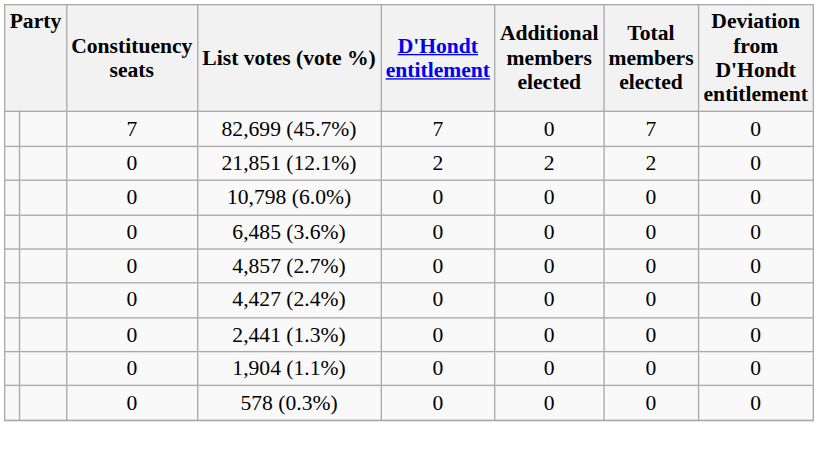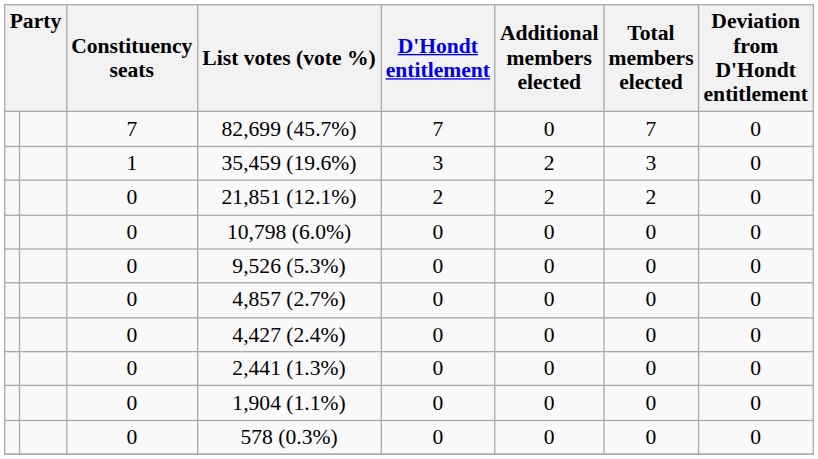 <table class="wikitable" style="text-align:center">
 <tr>
 <th colspan="2" rowspan="1" align="center" valign="top">Party</th>
 <th>Constituency<br>seats</th>
 <th>List votes  (vote %)</th>
 <th><a href='#'>D'Hondt<br>entitlement</a></th>
 <th>Additional<br>members<br>elected</th>
 <th>Total<br>members<br>elected</th>
 <th>Deviation<br>from<br>D'Hondt<br>entitlement</th>
 </tr>
 <tr>
 <td style="width: 4px" bgcolor=></td>
 <td style="text-align: left;" scope="row"><a href='#'></a></td>
 <td>7</td>
 <td>82,699 (45.7%)</td>
 <td>7</td>
 <td>0</td>
 <td>7</td>
+<td>0</td>
+</tr>
+<tr>
+<td style="width: 4px"></td>
+<td style="text-align: left;" scope="row"><a href='#'></a></td>
+<td>1</td>
+<td>35,459 (19.6%)</td>
+<td>3</td>
+<td>2</td>
+<td>3</td>
 <td>0</td>
 </tr>
 <tr>
 <td style="width: 4px" bgcolor=></td>
 <td style="text-align: left;" scope="row"><a href='#'></a></td>
 <td>0</td>
 <td>21,851 (12.1%)</td>
 <td>2</td>
 <td>2</td>
 <td>2</td>
 <td>0</td>
 </tr>
 <tr>
 <td style="width: 4px"></td>
 <td style="text-align: left;" scope="row"><a href='#'></a></td>
 <td>0</td>
 <td>10,798 (6.0%)</td>
 <td>0</td>
 <td>0</td>
 <td>0</td>
 <td>0</td>
 </tr>
 <tr>
-<td style="width: 4px" bgcolor=></td>
+<td style="width: 4px"></td>
 <td style="text-align: left;" scope="row"><a href='#'></a></td>
 <td>0</td>
-<td>6,485 (3.6%)</td>
+<td>9,526 (5.3%)</td>
 <td>0</td>
 <td>0</td>
 <td>0</td>
 <td>0</td>
 </tr>
 <tr>
 <td style="width: 4px"></td>
 <td style="text-align: left;" scope="row"><a href='#'></a></td>
 <td>0</td>
 <td>4,857 (2.7%)</td>
 <td>0</td>
 <td>0</td>
 <td>0</td>
 <td>0</td>
 </tr>
 <tr>
 <td style="width: 4px"></td>
 <td style="text-align: left;" scope="row"><a href='#'></a></td>
 <td>0</td>
 <td>4,427 (2.4%)</td>
 <td>0</td>
 <td>0</td>
 <td>0</td>
 <td>0</td>
 </tr>
 <tr>
 <td style="width: 4px" bgcolor=></td>
 <td style="text-align: left;" scope="row"><a href='#'></a></td>
 <td>0</td>
 <td>2,441 (1.3%)</td>
 <td>0</td>
 <td>0</td>
 <td>0</td>
 <td>0</td>
 </tr>
 <tr>
 <td style="width: 4px"></td>
 <td style="text-align: left;" scope="row"><a href='#'></a></td>
 <td>0</td>
 <td>1,904 (1.1%)</td>
 <td>0</td>
 <td>0</td>
 <td>0</td>
 <td>0</td>
 </tr>
 <tr>
 <td style="width: 4px" bgcolor=></td>
 <td style="text-align: left;" scope="row"><a href='#'></a></td>
 <td>0</td>
 <td>578 (0.3%)</td>
 <td>0</td>
 <td>0</td>
 <td>0</td>
 <td>0</td>
 </tr>
 <tr>
 </tr>
 </table>
